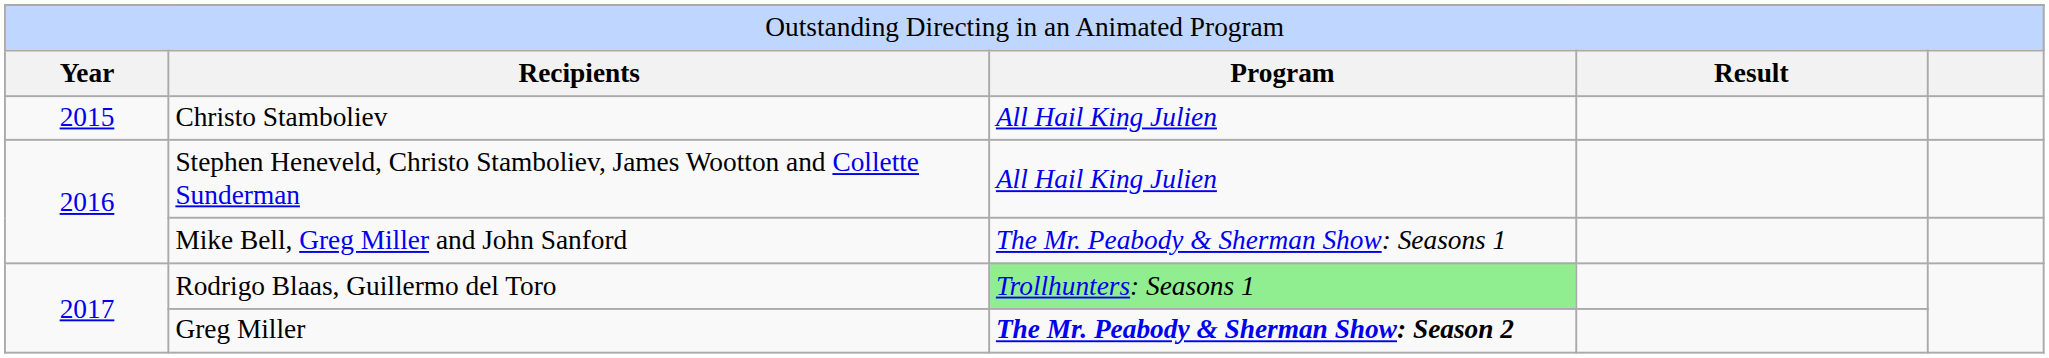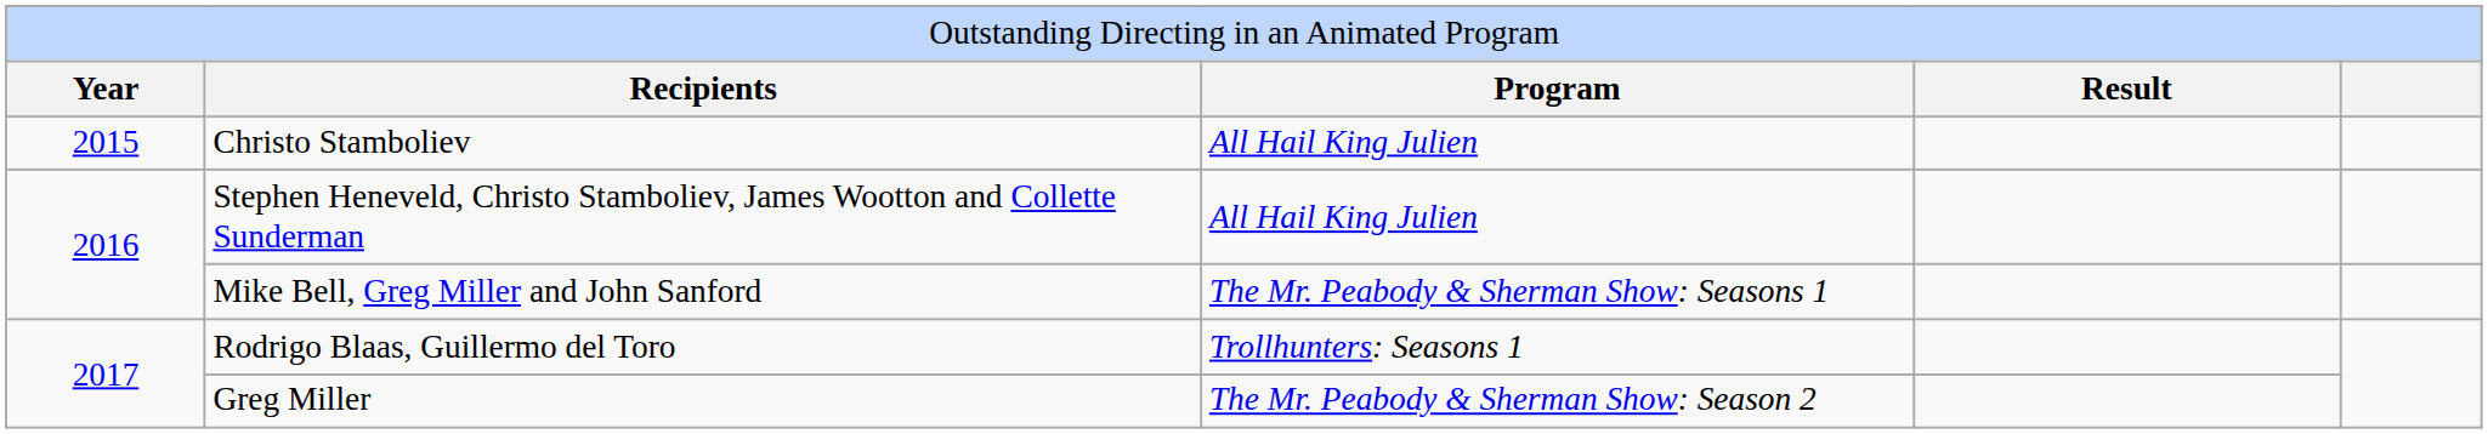 <table class="wikitable plainrowheaders" style="font-size: 90%" width=85%>
 <tr>
 </tr>
 <tr ---- bgcolor="#bfd7ff">
 <td colspan=6 align=center>Outstanding Directing in an Animated Program</td>
 </tr>
 <tr ---- bgcolor="#ebf5ff">
 <th scope="col" style="width:7%;">Year</th>
 <th scope="col" style="width:35%;">Recipients</th>
 <th scope="col" style="width:25%;">Program</th>
 <th scope="col" style="width:15%;">Result</th>
 <th scope="col" class="unsortable" style="width:5%;"></th>
 </tr>
 <tr>
 <td style="text-align:center;"><a href='#'>2015</a></td>
 <td>Christo Stamboliev</td>
 <td><em><a href='#'>All Hail King Julien</a></em></td>
 <td></td>
 <td></td>
 </tr>
 <tr>
 <td rowspan="2" style="text-align:center;"><a href='#'>2016</a></td>
 <td>Stephen Heneveld, Christo Stamboliev, James Wootton and <a href='#'>Collette Sunderman</a></td>
 <td><em><a href='#'>All Hail King Julien</a></em></td>
 <td></td>
 <td></td>
 </tr>
 <tr>
 <td>Mike Bell, <a href='#'>Greg Miller</a> and John Sanford</td>
 <td><em><a href='#'>The Mr. Peabody & Sherman Show</a>: Seasons 1</em></td>
 <td></td>
 <td></td>
 </tr>
 <tr>
 <td rowspan="2" style="text-align:center;"><a href='#'>2017</a></td>
 <td>Rodrigo Blaas, Guillermo del Toro</td>
-<td style="background: lightgreen;"><em><a href='#'>Trollhunters</a>: Seasons 1</em></td>
+<td><em><a href='#'>Trollhunters</a>: Seasons 1</em></td>
 <td></td>
 <td rowspan="2" style="text-align:center;"></td>
 </tr>
 <tr>
 <td>Greg Miller</td>
-<td><strong><em><a href='#'>The Mr. Peabody & Sherman Show</a>: Season 2</em></strong></td>
+<td><em><a href='#'>The Mr. Peabody & Sherman Show</a>: Season 2</em></td>
 <td></td>
 </tr>
 </table>
